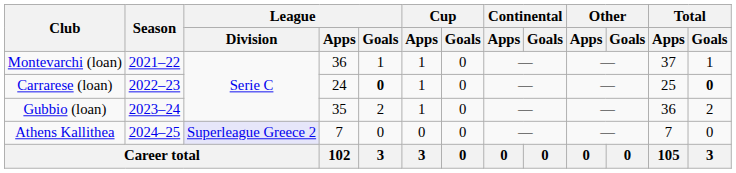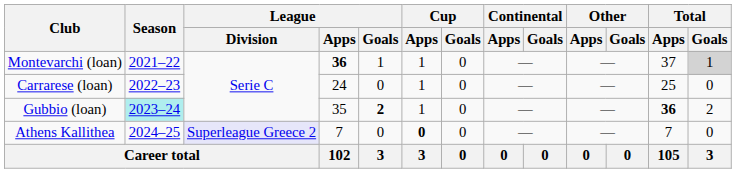 <table class="wikitable" style="text-align:center">
 <tr>
 <th rowspan=2>Club</th>
 <th rowspan=2>Season</th>
 <th colspan=3>League</th>
 <th colspan=2>Cup</th>
 <th colspan=2>Continental</th>
 <th colspan=2>Other</th>
 <th colspan=2>Total</th>
 </tr>
 <tr>
 <th>Division</th>
 <th>Apps</th>
 <th>Goals</th>
 <th>Apps</th>
 <th>Goals</th>
 <th>Apps</th>
 <th>Goals</th>
 <th>Apps</th>
 <th>Goals</th>
 <th>Apps</th>
 <th>Goals</th>
 </tr>
 <tr>
 <td><a href='#'>Montevarchi</a> (loan)</td>
 <td><a href='#'>2021–22</a></td>
 <td rowspan="3"><a href='#'>Serie C</a></td>
-<td>36</td>
+<td><strong>36</strong></td>
 <td>1</td>
 <td>1</td>
 <td>0</td>
 <td colspan="2">—</td>
 <td colspan="2">—</td>
 <td>37</td>
-<td>1</td>
+<td style="background: lightgrey;">1</td>
 </tr>
 <tr>
 <td><a href='#'>Carrarese</a> (loan)</td>
 <td><a href='#'>2022–23</a></td>
 <td>24</td>
-<td><strong>0</strong></td>
+<td>0</td>
 <td>1</td>
 <td>0</td>
 <td colspan="2">—</td>
 <td colspan="2">—</td>
 <td>25</td>
-<td><strong>0</strong></td>
+<td>0</td>
 </tr>
 <tr>
 <td><a href='#'>Gubbio</a> (loan)</td>
-<td><a href='#'>2023–24</a></td>
+<td style="background: paleturquoise;"><a href='#'>2023–24</a></td>
 <td>35</td>
-<td>2</td>
+<td><strong>2</strong></td>
 <td>1</td>
 <td>0</td>
 <td colspan="2">—</td>
 <td colspan="2">—</td>
-<td>36</td>
+<td><strong>36</strong></td>
 <td>2</td>
 </tr>
 <tr>
 <td><a href='#'>Athens Kallithea</a></td>
 <td><a href='#'>2024–25</a></td>
 <td style="background: lavender;"><a href='#'>Superleague Greece 2</a></td>
 <td>7</td>
 <td>0</td>
-<td>0</td>
+<td><strong>0</strong></td>
 <td>0</td>
 <td colspan="2">—</td>
 <td colspan="2">—</td>
 <td>7</td>
 <td>0</td>
 </tr>
 <tr>
 <th colspan="3">Career total</th>
 <th>102</th>
 <th>3</th>
 <th>3</th>
 <th>0</th>
 <th>0</th>
 <th>0</th>
 <th>0</th>
 <th>0</th>
 <th>105</th>
 <th>3</th>
 </tr>
 </table>
